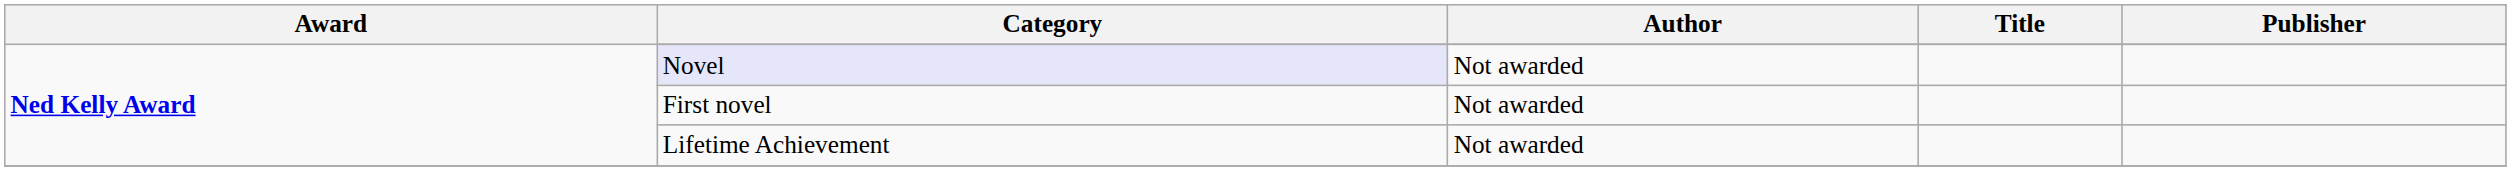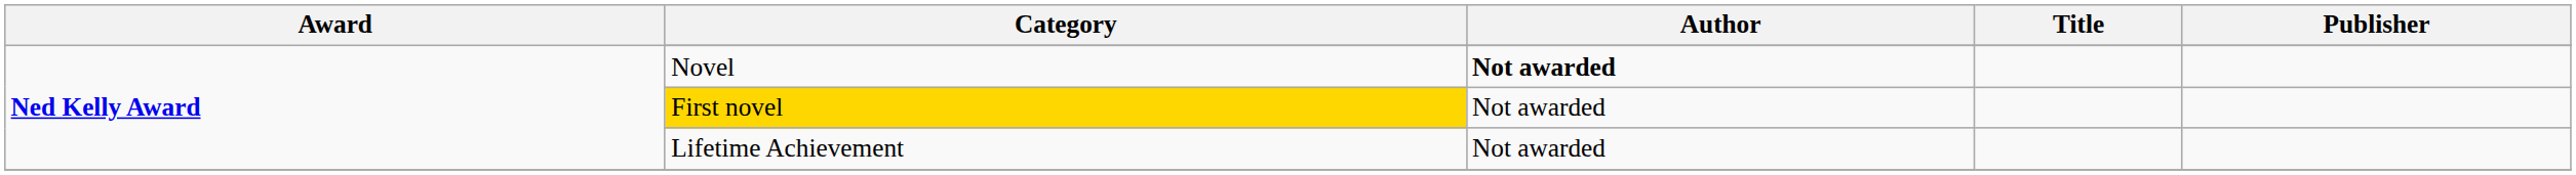 <table class="wikitable" width=100%>
 <tr>
 <th>Award</th>
 <th>Category</th>
 <th>Author</th>
 <th>Title</th>
 <th>Publisher</th>
 </tr>
 <tr>
 <td rowspan=4><strong><a href='#'>Ned Kelly Award</a></strong></td>
 </tr>
 <tr>
-<td style="background: lavender;">Novel</td>
-<td>Not awarded</td>
+<td>Novel</td>
+<td><strong>Not awarded</strong></td>
 <td></td>
 <td></td>
 </tr>
 <tr>
-<td>First novel</td>
+<td style="background: gold;">First novel</td>
 <td>Not awarded</td>
 <td></td>
 <td></td>
 </tr>
 <tr>
 <td>Lifetime Achievement</td>
 <td>Not awarded</td>
 <td></td>
 <td></td>
 </tr>
 <tr>
 </tr>
 </table>
